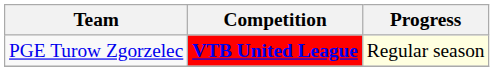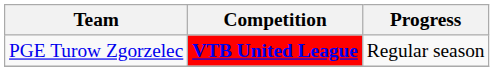 <table class="wikitable sortable">
 <tr>
 <th>Team</th>
 <th>Competition</th>
 <th>Progress</th>
 </tr>
 <tr>
 <td><a href='#'>PGE Turow Zgorzelec</a></td>
 <td rowspan="1" style="background-color:red;color:white;text-align:center"><strong><span><a href='#'>VTB United League</a></span></strong></td>
-<td style="background: lightyellow;">Regular season</td>
+<td>Regular season</td>
 </tr>
 <tr>
 </tr>
 </table>
